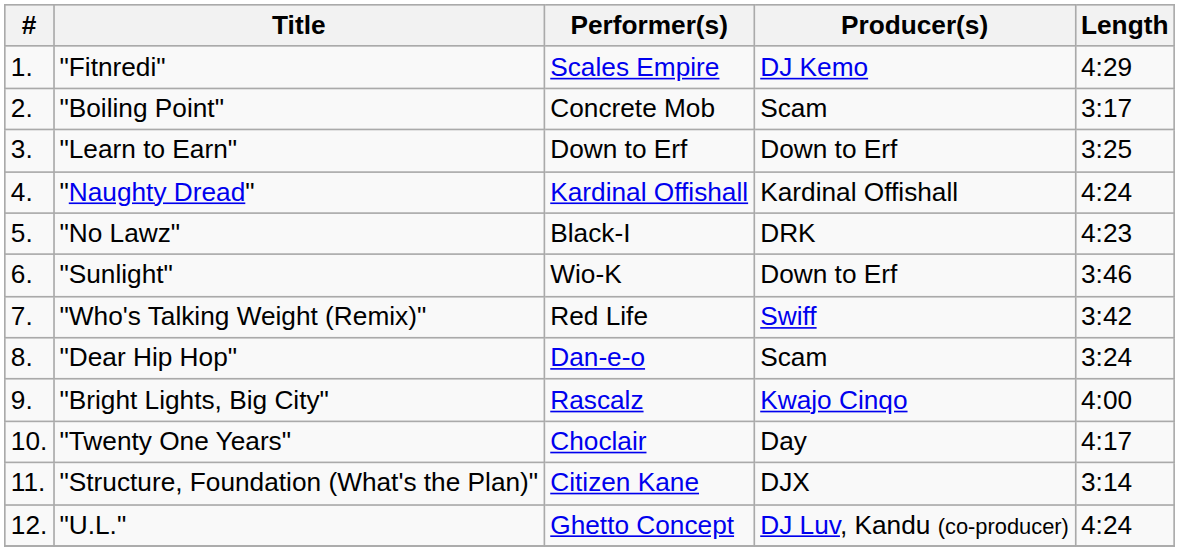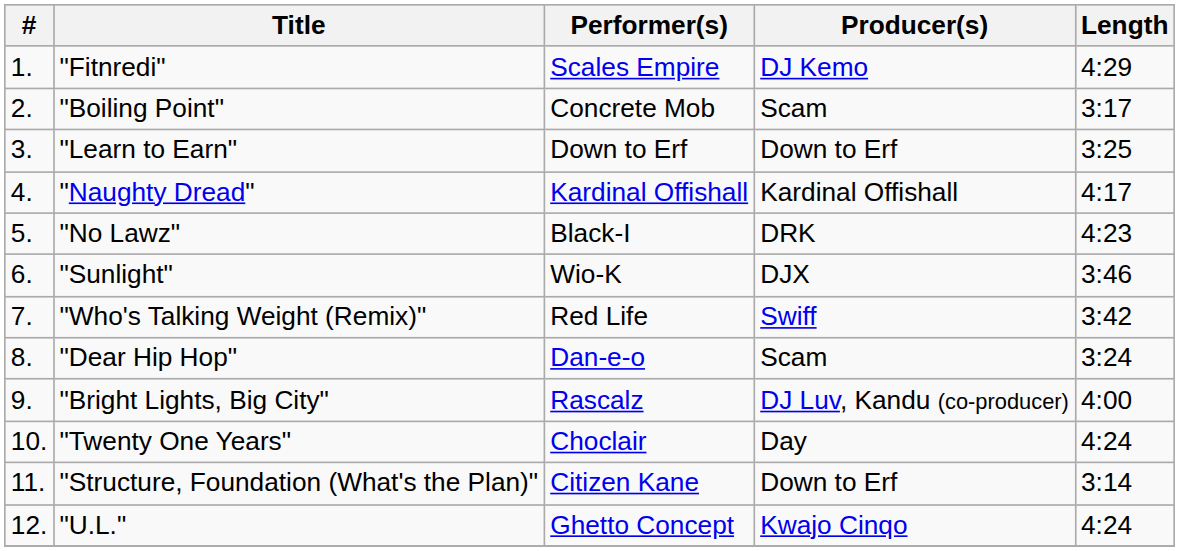 <table class="wikitable">
 <tr>
 <th>#</th>
 <th>Title</th>
 <th>Performer(s)</th>
 <th>Producer(s)</th>
 <th>Length</th>
 </tr>
 <tr>
 <td>1.</td>
 <td>"Fitnredi"</td>
 <td><a href='#'>Scales Empire</a></td>
 <td><a href='#'>DJ Kemo</a></td>
 <td>4:29</td>
 </tr>
 <tr>
 <td>2.</td>
 <td>"Boiling Point"</td>
 <td>Concrete Mob</td>
 <td>Scam</td>
 <td>3:17</td>
 </tr>
 <tr>
 <td>3.</td>
 <td>"Learn to Earn"</td>
 <td>Down to Erf</td>
 <td>Down to Erf</td>
 <td>3:25</td>
 </tr>
 <tr>
 <td>4.</td>
 <td>"<a href='#'>Naughty Dread</a>"</td>
 <td><a href='#'>Kardinal Offishall</a></td>
 <td>Kardinal Offishall</td>
-<td>4:24</td>
+<td>4:17</td>
 </tr>
 <tr>
 <td>5.</td>
 <td>"No Lawz"</td>
 <td>Black-I</td>
 <td>DRK</td>
 <td>4:23</td>
 </tr>
 <tr>
 <td>6.</td>
 <td>"Sunlight"</td>
 <td>Wio-K</td>
-<td>Down to Erf</td>
+<td>DJX</td>
 <td>3:46</td>
 </tr>
 <tr>
 <td>7.</td>
 <td>"Who's Talking Weight (Remix)"</td>
 <td>Red Life</td>
 <td><a href='#'>Swiff</a></td>
 <td>3:42</td>
 </tr>
 <tr>
 <td>8.</td>
 <td>"Dear Hip Hop"</td>
 <td><a href='#'>Dan-e-o</a></td>
 <td>Scam</td>
 <td>3:24</td>
 </tr>
 <tr>
 <td>9.</td>
 <td>"Bright Lights, Big City"</td>
 <td><a href='#'>Rascalz</a></td>
-<td><a href='#'>Kwajo Cinqo</a></td>
+<td><a href='#'>DJ Luv</a>, Kandu <small>(co-producer)</small></td>
 <td>4:00</td>
 </tr>
 <tr>
 <td>10.</td>
 <td>"Twenty One Years"</td>
 <td><a href='#'>Choclair</a></td>
 <td>Day</td>
-<td>4:17</td>
+<td>4:24</td>
 </tr>
 <tr>
 <td>11.</td>
 <td>"Structure, Foundation (What's the Plan)"</td>
 <td><a href='#'>Citizen Kane</a></td>
-<td>DJX</td>
+<td>Down to Erf</td>
 <td>3:14</td>
 </tr>
 <tr>
 <td>12.</td>
 <td>"U.L."</td>
 <td><a href='#'>Ghetto Concept</a></td>
-<td><a href='#'>DJ Luv</a>, Kandu <small>(co-producer)</small></td>
+<td><a href='#'>Kwajo Cinqo</a></td>
 <td>4:24</td>
 </tr>
 <tr>
 </tr>
 </table>
